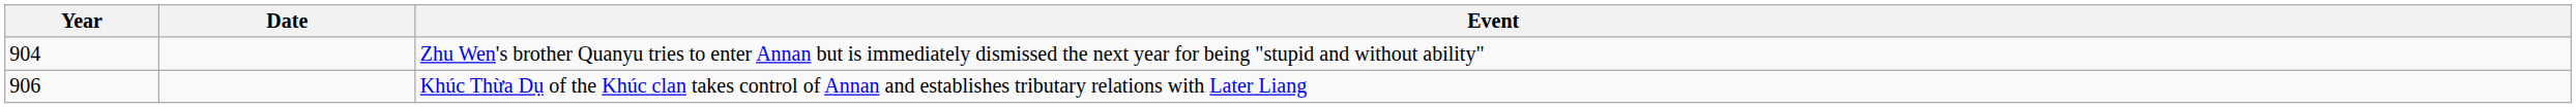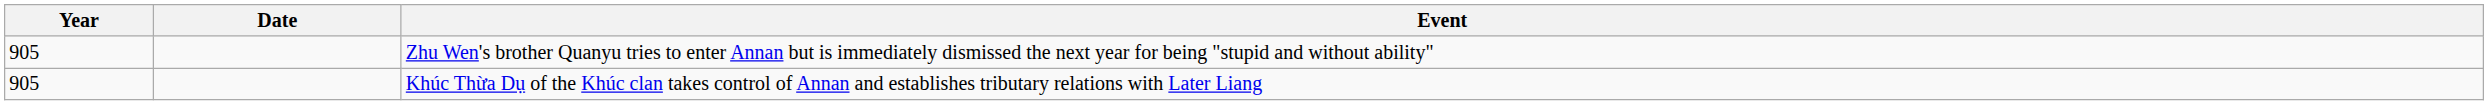 <table class="wikitable" width="100%">
 <tr>
 <th style="width:6%">Year</th>
 <th style="width:10%">Date</th>
 <th>Event</th>
 </tr>
 <tr>
-<td>904</td>
+<td>905</td>
 <td></td>
 <td><a href='#'>Zhu Wen</a>'s brother Quanyu tries to enter <a href='#'>Annan</a> but is immediately dismissed the next year for being "stupid and without ability"</td>
 </tr>
 <tr>
-<td>906</td>
+<td>905</td>
 <td></td>
 <td><a href='#'>Khúc Thừa Dụ</a> of the <a href='#'>Khúc clan</a> takes control of <a href='#'>Annan</a> and establishes tributary relations with <a href='#'>Later Liang</a></td>
 </tr>
 </table>
